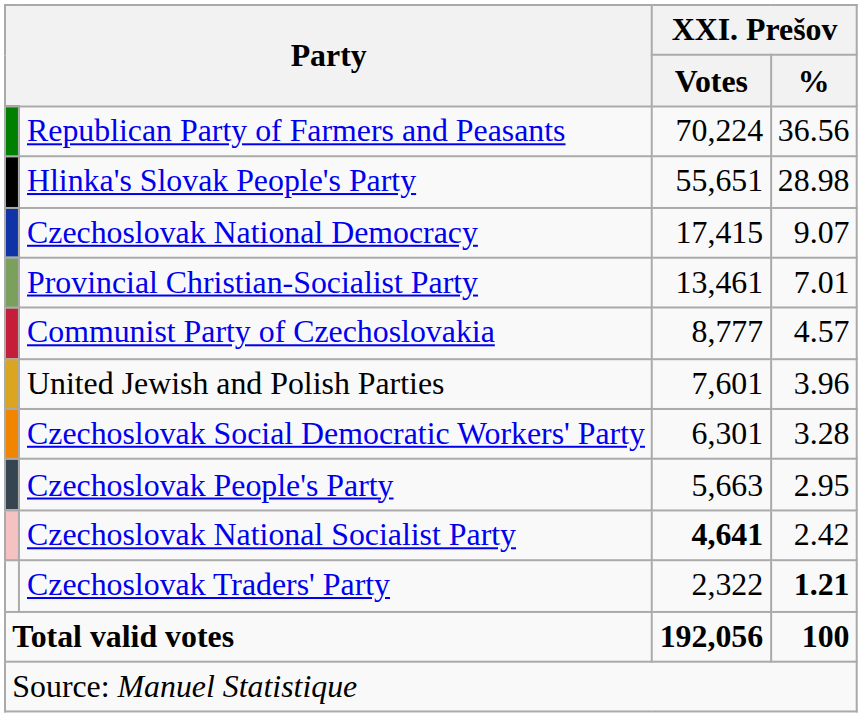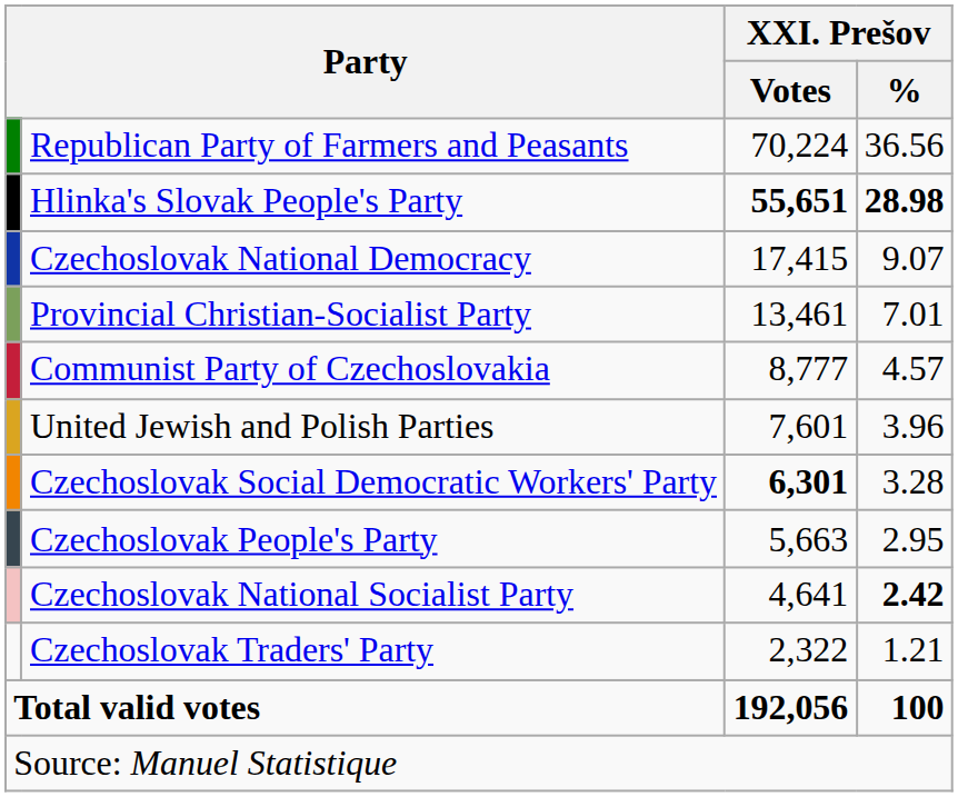 <table class=wikitable style=text-align:right>
 <tr>
 <th colspan=2 rowspan=2>Party</th>
 <th colspan=2>XXI. Prešov</th>
 </tr>
 <tr>
 <th>Votes</th>
 <th>%</th>
 </tr>
 <tr>
 <td bgcolor=#008000></td>
 <td align=left><a href='#'>Republican Party of Farmers and Peasants</a></td>
 <td>70,224</td>
 <td>36.56</td>
 </tr>
 <tr>
 <td bgcolor=#000000></td>
 <td align=left><a href='#'>Hlinka's Slovak People's Party</a></td>
-<td>55,651</td>
-<td>28.98</td>
+<td><strong>55,651</strong></td>
+<td><strong>28.98</strong></td>
 </tr>
 <tr>
 <td bgcolor=#1034A6></td>
 <td align=left><a href='#'>Czechoslovak National Democracy</a></td>
 <td>17,415</td>
 <td>9.07</td>
 </tr>
 <tr>
 <td bgcolor=#7BA05B></td>
 <td align=left><a href='#'>Provincial Christian-Socialist Party</a></td>
 <td>13,461</td>
 <td>7.01</td>
 </tr>
 <tr>
 <td bgcolor=#C41E3A></td>
 <td align=left><a href='#'>Communist Party of Czechoslovakia</a></td>
 <td>8,777</td>
 <td>4.57</td>
 </tr>
 <tr>
 <td bgcolor=#DAA520></td>
 <td align=left>United Jewish and Polish Parties</td>
 <td>7,601</td>
 <td>3.96</td>
 </tr>
 <tr>
 <td bgcolor=F28500></td>
 <td align=left><a href='#'>Czechoslovak Social Democratic Workers' Party</a></td>
-<td>6,301</td>
+<td><strong>6,301</strong></td>
 <td>3.28</td>
 </tr>
 <tr>
 <td bgcolor=#36454F></td>
 <td align=left><a href='#'>Czechoslovak People's Party</a></td>
 <td>5,663</td>
 <td>2.95</td>
 </tr>
 <tr>
 <td bgcolor=F4C2C2></td>
 <td align=left><a href='#'>Czechoslovak National Socialist Party</a></td>
-<td><strong>4,641</strong></td>
-<td>2.42</td>
+<td>4,641</td>
+<td><strong>2.42</strong></td>
 </tr>
 <tr>
 <td bgcolor=></td>
 <td align=left><a href='#'>Czechoslovak Traders' Party</a></td>
 <td>2,322</td>
-<td><strong>1.21</strong></td>
+<td>1.21</td>
 </tr>
 <tr>
 <td colspan=2 align=left><strong>Total valid votes</strong></td>
 <td><strong>192,056</strong></td>
 <td><strong>100</strong></td>
 </tr>
 <tr>
 <td align=left colspan=4>Source: <em>Manuel Statistique</em></td>
 </tr>
 </table>
